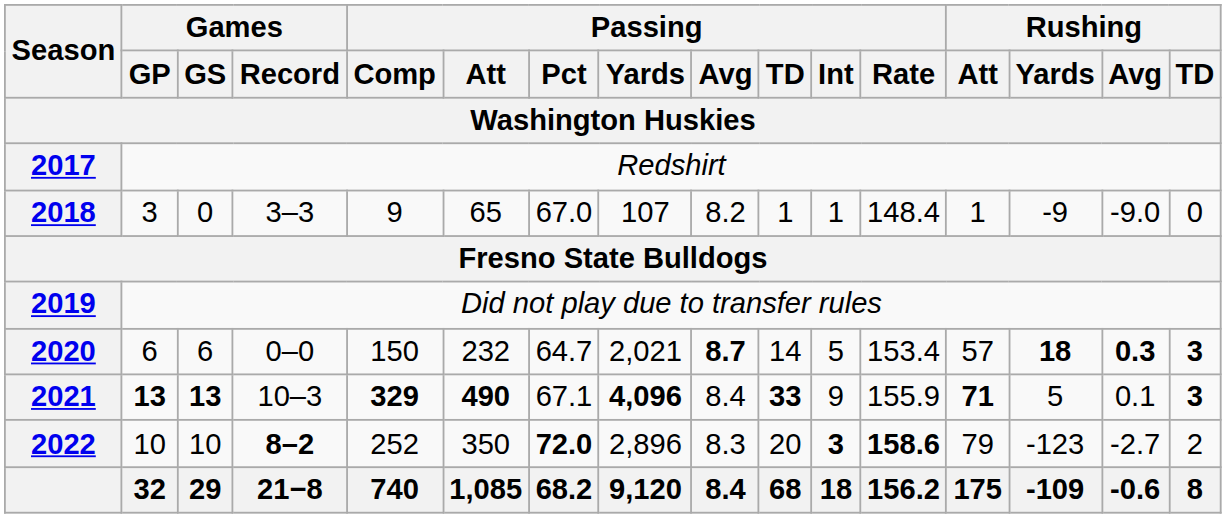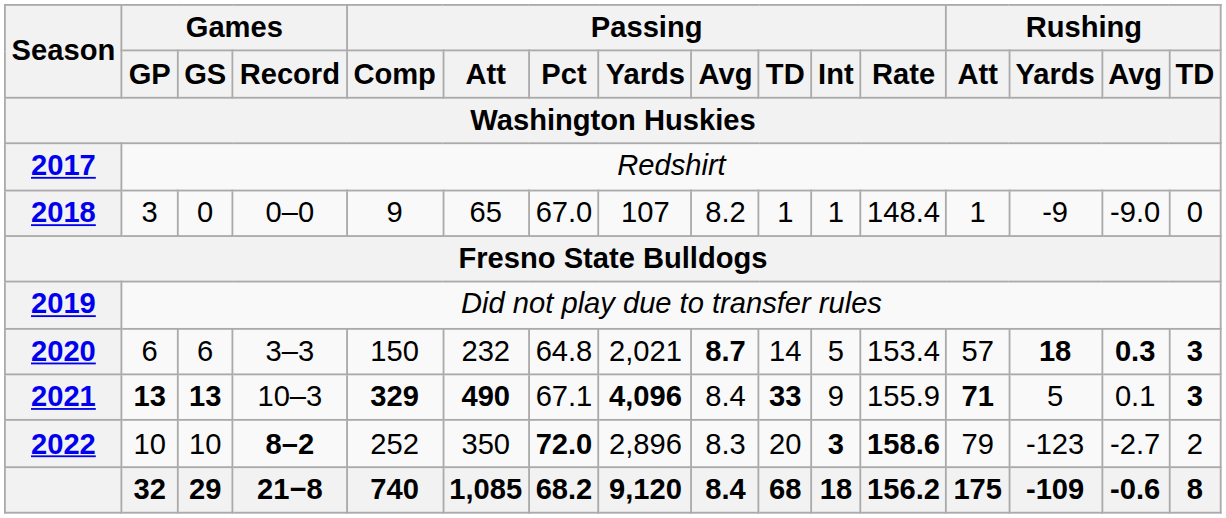 <table class="wikitable" style="text-align:center;">
 <tr>
 <th rowspan="2">Season</th>
 <th colspan="3">Games</th>
 <th colspan="8">Passing</th>
 <th colspan="5">Rushing</th>
 </tr>
 <tr>
 <th>GP</th>
 <th>GS</th>
 <th>Record</th>
 <th>Comp</th>
 <th>Att</th>
 <th>Pct</th>
 <th>Yards</th>
 <th>Avg</th>
 <th>TD</th>
 <th>Int</th>
 <th>Rate</th>
 <th>Att</th>
 <th>Yards</th>
 <th>Avg</th>
 <th>TD</th>
 </tr>
 <tr>
 <th colspan="16">Washington Huskies</th>
 </tr>
 <tr>
 <th><a href='#'>2017</a></th>
 <td colspan="15"><em>Redshirt </em></td>
 </tr>
 <tr>
 <th><a href='#'>2018</a></th>
 <td>3</td>
 <td>0</td>
-<td>3–3</td>
+<td>0–0</td>
 <td>9</td>
 <td>65</td>
 <td>67.0</td>
 <td>107</td>
 <td>8.2</td>
 <td>1</td>
 <td>1</td>
 <td>148.4</td>
 <td>1</td>
 <td>-9</td>
 <td>-9.0</td>
 <td>0</td>
 </tr>
 <tr>
 <th colspan="16">Fresno State Bulldogs</th>
 </tr>
 <tr>
 <th><a href='#'>2019</a></th>
 <td colspan="15"><em>Did not play due to transfer rules</em></td>
 </tr>
 <tr>
 <th><a href='#'>2020</a></th>
 <td>6</td>
 <td>6</td>
-<td>0–0</td>
+<td>3–3</td>
 <td>150</td>
 <td>232</td>
-<td>64.7</td>
+<td>64.8</td>
 <td>2,021</td>
 <td><strong>8.7</strong></td>
 <td>14</td>
 <td>5</td>
 <td>153.4</td>
 <td>57</td>
 <td><strong>18</strong></td>
 <td><strong>0.3</strong></td>
 <td><strong>3</strong></td>
 </tr>
 <tr>
 <th><a href='#'>2021</a></th>
 <td><strong>13</strong></td>
 <td><strong>13</strong></td>
 <td>10–3</td>
 <td><strong>329</strong></td>
 <td><strong>490</strong></td>
 <td>67.1</td>
 <td><strong>4,096</strong></td>
 <td>8.4</td>
 <td><strong>33</strong></td>
 <td>9</td>
 <td>155.9</td>
 <td><strong>71</strong></td>
 <td>5</td>
 <td>0.1</td>
 <td><strong>3</strong></td>
 </tr>
 <tr>
 <th><a href='#'>2022</a></th>
 <td>10</td>
 <td>10</td>
 <td><strong>8–2</strong></td>
 <td>252</td>
 <td>350</td>
 <td><strong>72.0</strong></td>
 <td>2,896</td>
 <td>8.3</td>
 <td>20</td>
 <td><strong>3</strong></td>
 <td><strong>158.6</strong></td>
 <td>79</td>
 <td>-123</td>
 <td>-2.7</td>
 <td>2</td>
 </tr>
 <tr>
 <th></th>
 <th>32</th>
 <th>29</th>
 <th>21−8</th>
 <th>740</th>
 <th>1,085</th>
 <th>68.2</th>
 <th>9,120</th>
 <th>8.4</th>
 <th>68</th>
 <th>18</th>
 <th>156.2</th>
 <th>175</th>
 <th>-109</th>
 <th>-0.6</th>
 <th>8</th>
 </tr>
 </table>
